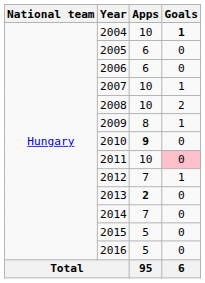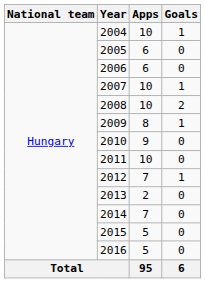 <table class="wikitable" style="text-align:center">
 <tr>
 <th>National team</th>
 <th>Year</th>
 <th>Apps</th>
 <th>Goals</th>
 </tr>
 <tr>
 <td rowspan="13"><a href='#'>Hungary</a></td>
 <td>2004</td>
 <td>10</td>
-<td><strong>1</strong></td>
+<td>1</td>
 </tr>
 <tr>
 <td>2005</td>
 <td>6</td>
 <td>0</td>
 </tr>
 <tr>
 <td>2006</td>
 <td>6</td>
 <td>0</td>
 </tr>
 <tr>
 <td>2007</td>
 <td>10</td>
 <td>1</td>
 </tr>
 <tr>
 <td>2008</td>
 <td>10</td>
 <td>2</td>
 </tr>
 <tr>
 <td>2009</td>
 <td>8</td>
 <td>1</td>
 </tr>
 <tr>
 <td>2010</td>
-<td><strong>9</strong></td>
+<td>9</td>
 <td>0</td>
 </tr>
 <tr>
 <td>2011</td>
 <td>10</td>
-<td style="background: pink;">0</td>
+<td>0</td>
 </tr>
 <tr>
 <td>2012</td>
 <td>7</td>
 <td>1</td>
 </tr>
 <tr>
 <td>2013</td>
-<td><strong>2</strong></td>
+<td>2</td>
 <td>0</td>
 </tr>
 <tr>
 <td>2014</td>
 <td>7</td>
 <td>0</td>
 </tr>
 <tr>
 <td>2015</td>
 <td>5</td>
 <td>0</td>
 </tr>
 <tr>
 <td>2016</td>
 <td>5</td>
 <td>0</td>
 </tr>
 <tr>
 <th colspan="2">Total</th>
 <th>95</th>
 <th>6</th>
 </tr>
 </table>
